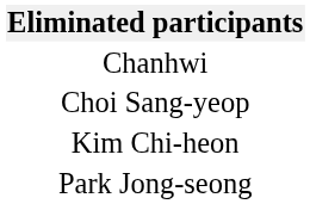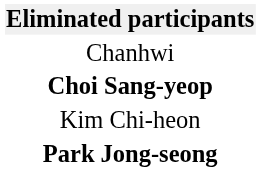 <table class="toccolours" align="right" style="margin:0 0 1em 1em;font-size:100%;text-align:center;background:transparent;">
 <tr style="border-bottom:solid 3px;">
 <th colspan="2" bgcolor="#f0f0f0">Eliminated participants</th>
 </tr>
 <tr align="center">
 <td>Chanhwi</td>
 </tr>
 <tr align=center>
-<td>Choi Sang-yeop</td>
+<td><strong>Choi Sang-yeop</strong></td>
 </tr>
 <tr align=center>
 <td>Kim Chi-heon</td>
 </tr>
 <tr align=center>
-<td>Park Jong-seong</td>
+<td><strong>Park Jong-seong</strong></td>
 </tr>
 </table>
